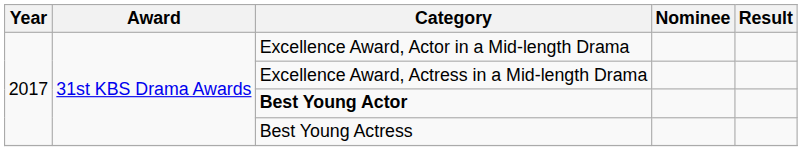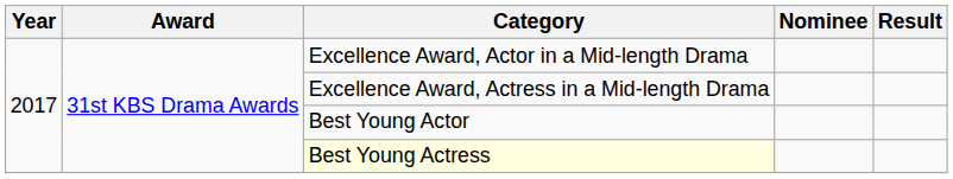 <table class="wikitable">
 <tr>
 <th>Year</th>
 <th>Award</th>
 <th>Category</th>
 <th>Nominee</th>
 <th>Result</th>
 </tr>
 <tr>
 <td rowspan="4">2017</td>
 <td rowspan="4"><a href='#'>31st KBS Drama Awards</a></td>
 <td>Excellence Award, Actor in a Mid-length Drama</td>
 <td></td>
 <td></td>
 </tr>
 <tr>
 <td>Excellence Award, Actress in a Mid-length Drama</td>
 <td></td>
 <td></td>
 </tr>
 <tr>
-<td><strong>Best Young Actor</strong></td>
+<td>Best Young Actor</td>
 <td></td>
 <td></td>
 </tr>
 <tr>
-<td>Best Young Actress</td>
+<td style="background: lightyellow;">Best Young Actress</td>
 <td></td>
 <td></td>
 </tr>
 <tr>
 </tr>
 </table>
